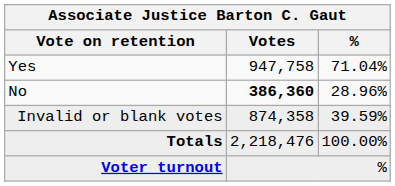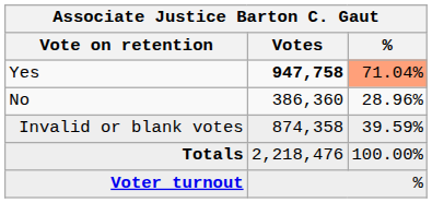 <table class="wikitable" style="font-size: 95%;">
 <tr style="background-color:#E9E9E9">
 <th colspan=7>Associate Justice Barton C. Gaut</th>
 </tr>
 <tr style="background-color:#E9E9E9">
 <th style="width: 170px">Vote on retention</th>
 <th style="width: 50px">Votes</th>
 <th style="width: 40px">%</th>
 </tr>
 <tr>
 <td>Yes</td>
-<td align="right">947,758</td>
-<td align="right">71.04%</td>
+<td align="right"><strong>947,758</strong></td>
+<td align="right" style="background: lightsalmon;">71.04%</td>
 </tr>
 <tr>
 <td>No</td>
-<td align="right"><strong>386,360</strong></td>
+<td align="right">386,360</td>
 <td align="right">28.96%</td>
 </tr>
 <tr style="background-color:#EEEEEE">
 <td align="right">Invalid or blank votes</td>
 <td align="right">874,358</td>
 <td align="right">39.59%</td>
 </tr>
 <tr style="background-color:#EEEEEE">
 <td colspan="1" align="right"><strong>Totals</strong></td>
 <td align="right">2,218,476</td>
 <td align="right">100.00%</td>
 </tr>
 <tr style="background-color:#EEEEEE">
 <td align="right"><strong><a href='#'>Voter turnout</a></strong></td>
 <td colspan="2" align="right">%</td>
 </tr>
 </table>
